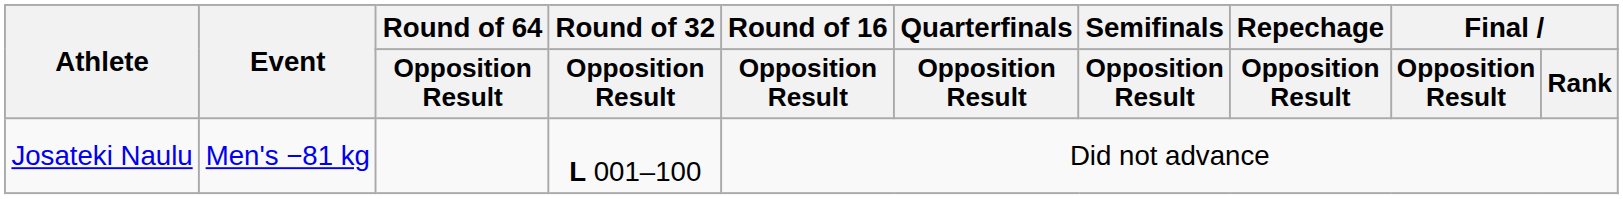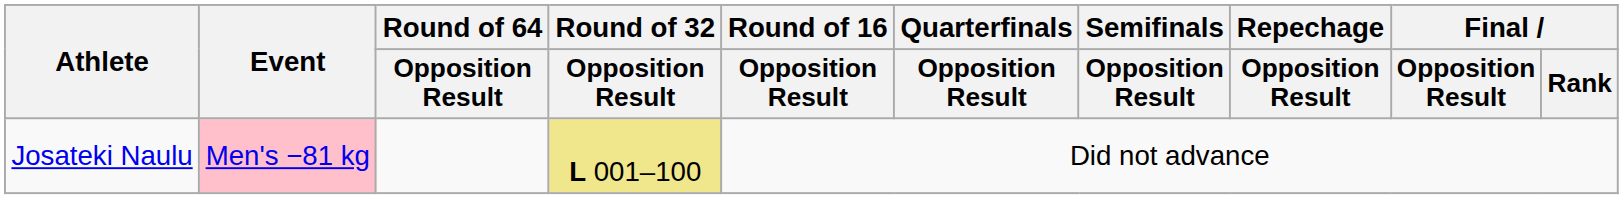 <table class="wikitable" style="font-size:90%">
 <tr>
 <th rowspan="2">Athlete</th>
 <th rowspan="2">Event</th>
 <th>Round of 64</th>
 <th>Round of 32</th>
 <th>Round of 16</th>
 <th>Quarterfinals</th>
 <th>Semifinals</th>
 <th>Repechage</th>
 <th colspan=2>Final / </th>
 </tr>
 <tr style="font-size:95%">
 <th>Opposition<br>Result</th>
 <th>Opposition<br>Result</th>
 <th>Opposition<br>Result</th>
 <th>Opposition<br>Result</th>
 <th>Opposition<br>Result</th>
 <th>Opposition<br>Result</th>
 <th>Opposition<br>Result</th>
 <th>Rank</th>
 </tr>
 <tr align=center>
 <td align=left><a href='#'>Josateki Naulu</a></td>
-<td align=left><a href='#'>Men's −81 kg</a></td>
+<td align=left style="background: pink;"><a href='#'>Men's −81 kg</a></td>
 <td></td>
-<td><br><strong>L</strong> 001–100</td>
+<td style="background: khaki;"><br><strong>L</strong> 001–100</td>
 <td colspan=6>Did not advance</td>
 </tr>
 </table>
